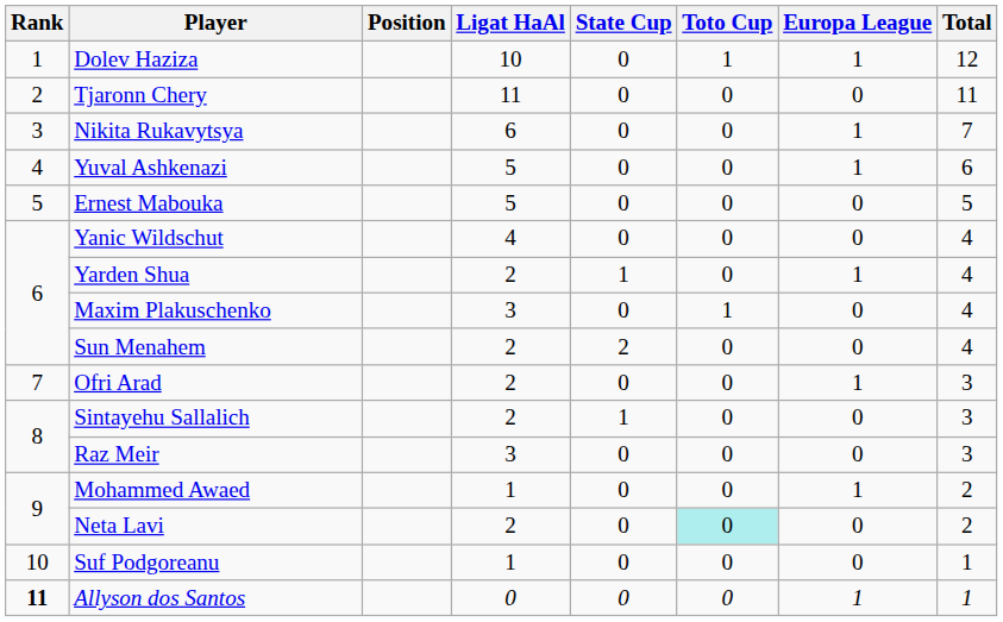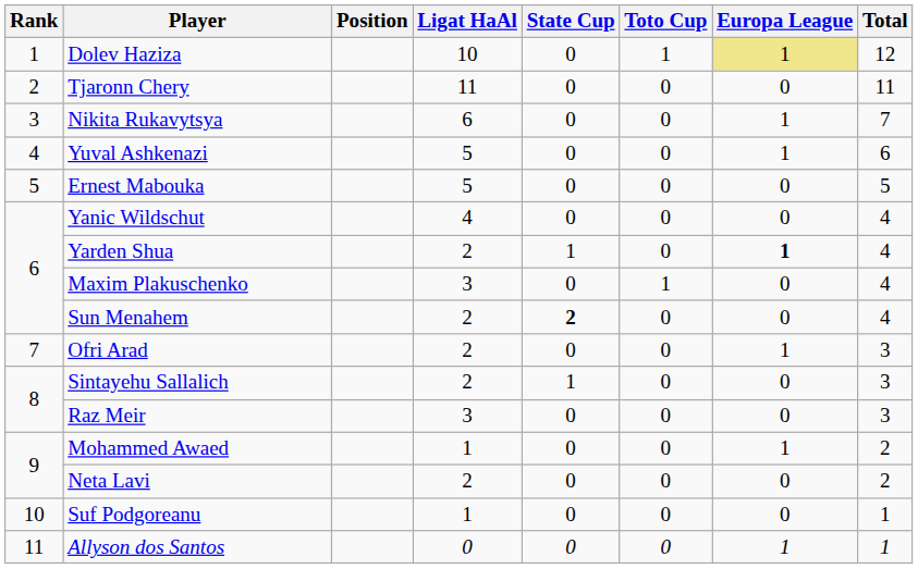 <table class="wikitable">
 <tr>
 <th>Rank</th>
 <th style="width:200px;">Player</th>
 <th>Position</th>
 <th><a href='#'>Ligat HaAl</a></th>
 <th><a href='#'>State Cup</a></th>
 <th><a href='#'>Toto Cup</a></th>
 <th><a href='#'>Europa League</a></th>
 <th>Total</th>
 </tr>
 <tr>
 <td align=center>1</td>
 <td> <a href='#'>Dolev Haziza</a></td>
 <td align=center></td>
 <td align=center>10</td>
 <td align=center>0</td>
 <td align=center>1</td>
-<td align=center>1</td>
+<td align=center style="background: khaki;">1</td>
 <td align=center>12</td>
 </tr>
 <tr>
 <td align=center>2</td>
 <td> <a href='#'>Tjaronn Chery</a></td>
 <td align=center></td>
 <td align=center>11</td>
 <td align=center>0</td>
 <td align=center>0</td>
 <td align=center>0</td>
 <td align=center>11</td>
 </tr>
 <tr>
 <td align=center>3</td>
 <td> <a href='#'>Nikita Rukavytsya</a></td>
 <td align=center></td>
 <td align=center>6</td>
 <td align=center>0</td>
 <td align=center>0</td>
 <td align=center>1</td>
 <td align=center>7</td>
 </tr>
 <tr>
 <td align=center>4</td>
 <td> <a href='#'>Yuval Ashkenazi</a></td>
 <td align=center></td>
 <td align=center>5</td>
 <td align=center>0</td>
 <td align=center>0</td>
 <td align=center>1</td>
 <td align=center>6</td>
 </tr>
 <tr>
 <td align=center>5</td>
 <td> <a href='#'>Ernest Mabouka</a></td>
 <td align=center></td>
 <td align=center>5</td>
 <td align=center>0</td>
 <td align=center>0</td>
 <td align=center>0</td>
 <td align=center>5</td>
 </tr>
 <tr>
 <td align=center rowspan=4>6</td>
 <td> <a href='#'>Yanic Wildschut</a></td>
 <td align=center></td>
 <td align=center>4</td>
 <td align=center>0</td>
 <td align=center>0</td>
 <td align=center>0</td>
 <td align=center>4</td>
 </tr>
 <tr>
 <td> <a href='#'>Yarden Shua</a></td>
 <td align=center></td>
 <td align=center>2</td>
 <td align=center>1</td>
 <td align=center>0</td>
-<td align=center>1</td>
+<td align=center><strong>1</strong></td>
 <td align=center>4</td>
 </tr>
 <tr>
 <td> <a href='#'>Maxim Plakuschenko</a></td>
 <td align=center></td>
 <td align=center>3</td>
 <td align=center>0</td>
 <td align=center>1</td>
 <td align=center>0</td>
 <td align=center>4</td>
 </tr>
 <tr>
 <td> <a href='#'>Sun Menahem</a></td>
 <td align=center></td>
 <td align=center>2</td>
-<td align=center>2</td>
+<td align=center><strong>2</strong></td>
 <td align=center>0</td>
 <td align=center>0</td>
 <td align=center>4</td>
 </tr>
 <tr>
 <td align=center>7</td>
 <td> <a href='#'>Ofri Arad</a></td>
 <td align=center></td>
 <td align=center>2</td>
 <td align=center>0</td>
 <td align=center>0</td>
 <td align=center>1</td>
 <td align=center>3</td>
 </tr>
 <tr>
 <td align=center rowspan=2>8</td>
 <td> <a href='#'>Sintayehu Sallalich</a></td>
 <td align=center></td>
 <td align=center>2</td>
 <td align=center>1</td>
 <td align=center>0</td>
 <td align=center>0</td>
 <td align=center>3</td>
 </tr>
 <tr>
 <td> <a href='#'>Raz Meir</a></td>
 <td align=center></td>
 <td align=center>3</td>
 <td align=center>0</td>
 <td align=center>0</td>
 <td align=center>0</td>
 <td align=center>3</td>
 </tr>
 <tr>
 <td align=center rowspan=2>9</td>
 <td> <a href='#'>Mohammed Awaed</a></td>
 <td align=center></td>
 <td align=center>1</td>
 <td align=center>0</td>
 <td align=center>0</td>
 <td align=center>1</td>
 <td align=center>2</td>
 </tr>
 <tr>
 <td> <a href='#'>Neta Lavi</a></td>
 <td align=center></td>
 <td align=center>2</td>
 <td align=center>0</td>
-<td align=center style="background: paleturquoise;">0</td>
+<td align=center>0</td>
 <td align=center>0</td>
 <td align=center>2</td>
 </tr>
 <tr>
 <td align=center>10</td>
 <td> <a href='#'>Suf Podgoreanu</a></td>
 <td align=center></td>
 <td align=center>1</td>
 <td align=center>0</td>
 <td align=center>0</td>
 <td align=center>0</td>
 <td align=center>1</td>
 </tr>
 <tr>
-<td align=center><strong>11</strong></td>
+<td align=center>11</td>
 <td> <em><a href='#'>Allyson dos Santos</a></em></td>
 <td align=center></td>
 <td align=center><em>0</em></td>
 <td align=center><em>0</em></td>
 <td align=center><em>0</em></td>
 <td align=center><em>1</em></td>
 <td align=center><em>1</em></td>
 </tr>
 </table>
